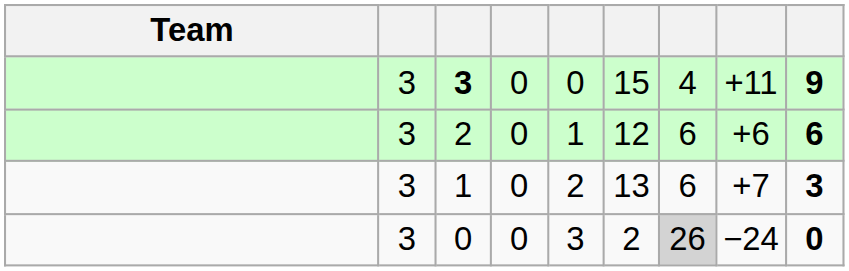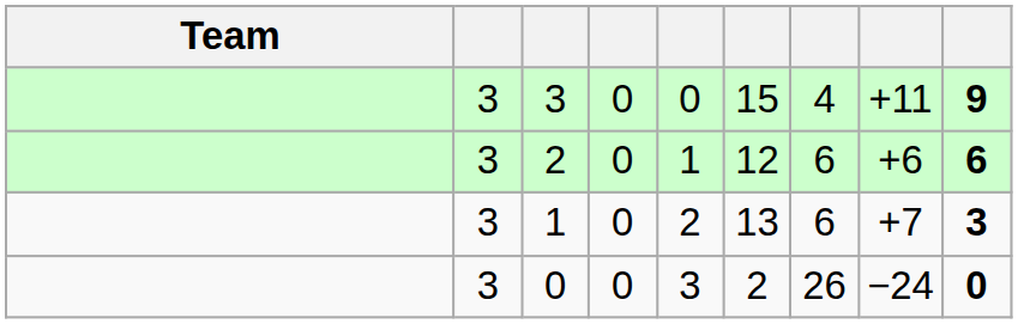 <table class="wikitable" style="text-align: center;">
 <tr>
 <th width=175>Team</th>
 <th width=20></th>
 <th width=20></th>
 <th width=20></th>
 <th width=20></th>
 <th width=20></th>
 <th width=20></th>
 <th width=20></th>
 <th width=20></th>
 </tr>
 <tr bgcolor="#ccffcc">
 <td style="text-align:left;"><em></em></td>
 <td>3</td>
-<td><strong>3</strong></td>
+<td>3</td>
 <td>0</td>
 <td>0</td>
 <td>15</td>
 <td>4</td>
 <td>+11</td>
 <td><strong>9</strong></td>
 </tr>
 <tr bgcolor="#ccffcc">
 <td style="text-align:left;"></td>
 <td>3</td>
 <td>2</td>
 <td>0</td>
 <td>1</td>
 <td>12</td>
 <td>6</td>
 <td>+6</td>
 <td><strong>6</strong></td>
 </tr>
 <tr align=center>
 <td style="text-align:left;"></td>
 <td>3</td>
 <td>1</td>
 <td>0</td>
 <td>2</td>
 <td>13</td>
 <td>6</td>
 <td>+7</td>
 <td><strong>3</strong></td>
 </tr>
 <tr align=center>
 <td style="text-align:left;"></td>
 <td>3</td>
 <td>0</td>
 <td>0</td>
 <td>3</td>
 <td>2</td>
-<td style="background: lightgrey;">26</td>
+<td>26</td>
 <td>−24</td>
 <td><strong>0</strong></td>
 </tr>
 </table>
